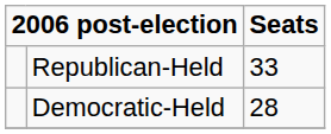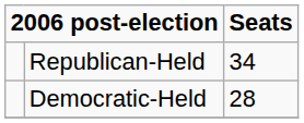 <table class="wikitable">
 <tr>
 <td colspan="2" rowspan="1" align="center" valign="top"><strong>2006 post-election</strong></td>
 <td style="vertical-align:top;"><strong>Seats</strong><br></td>
 </tr>
 <tr>
 <td style="background-color:"> </td>
 <td>Republican-Held</td>
-<td>33</td>
+<td>34</td>
 </tr>
 <tr>
 <td style="background-color:"> </td>
 <td>Democratic-Held</td>
 <td>28</td>
 </tr>
 <tr>
 </tr>
 </table>
